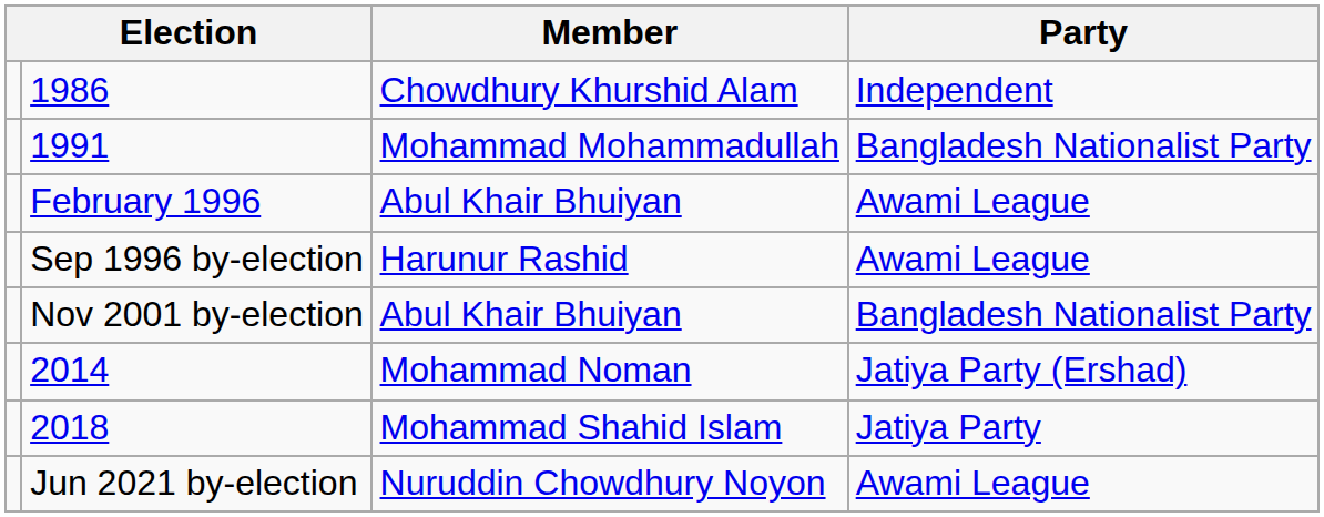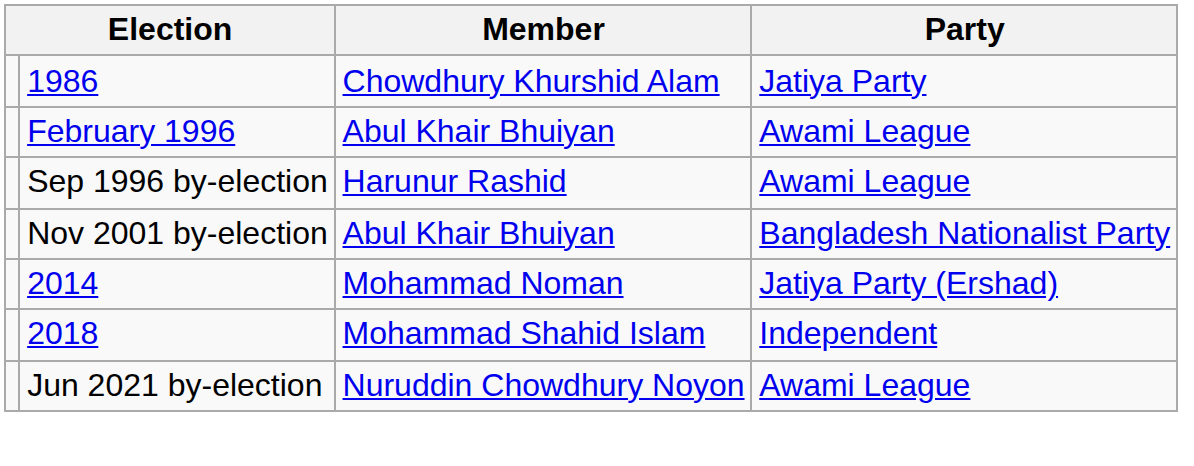 <table class="wikitable">
 <tr>
 <th colspan="2">Election</th>
 <th>Member</th>
 <th>Party</th>
 </tr>
 <tr>
 <td style="background-color:"></td>
 <td><a href='#'>1986</a></td>
 <td><a href='#'>Chowdhury Khurshid Alam</a></td>
-<td><a href='#'>Independent</a></td>
-</tr>
-<tr>
-<td style="background-color:"></td>
-<td><a href='#'>1991</a></td>
-<td><a href='#'>Mohammad Mohammadullah</a></td>
-<td><a href='#'>Bangladesh Nationalist Party</a></td>
+<td><a href='#'>Jatiya Party</a></td>
 </tr>
 <tr>
 <td style="background-color:"></td>
 <td><a href='#'>February 1996</a></td>
 <td><a href='#'>Abul Khair Bhuiyan</a></td>
 <td><a href='#'>Awami League</a></td>
 </tr>
 <tr>
 <td style="background-color:"></td>
 <td>Sep 1996 by-election</td>
 <td><a href='#'>Harunur Rashid</a></td>
 <td><a href='#'>Awami League</a></td>
 </tr>
 <tr>
 <td style="background-color:"></td>
 <td>Nov 2001 by-election</td>
 <td><a href='#'>Abul Khair Bhuiyan</a></td>
 <td><a href='#'>Bangladesh Nationalist Party</a></td>
 </tr>
 <tr>
 <td style="background-color:"></td>
 <td><a href='#'>2014</a></td>
 <td><a href='#'>Mohammad Noman</a></td>
 <td><a href='#'>Jatiya Party (Ershad)</a></td>
 </tr>
 <tr>
 <td style="background-color:"></td>
 <td><a href='#'>2018</a></td>
 <td><a href='#'>Mohammad Shahid Islam</a></td>
-<td><a href='#'>Jatiya Party</a></td>
+<td><a href='#'>Independent</a></td>
 </tr>
 <tr>
 <td style="background-color:"></td>
 <td>Jun 2021 by-election</td>
 <td><a href='#'>Nuruddin Chowdhury Noyon</a></td>
 <td><a href='#'>Awami League</a></td>
 </tr>
 <tr>
 </tr>
 </table>
